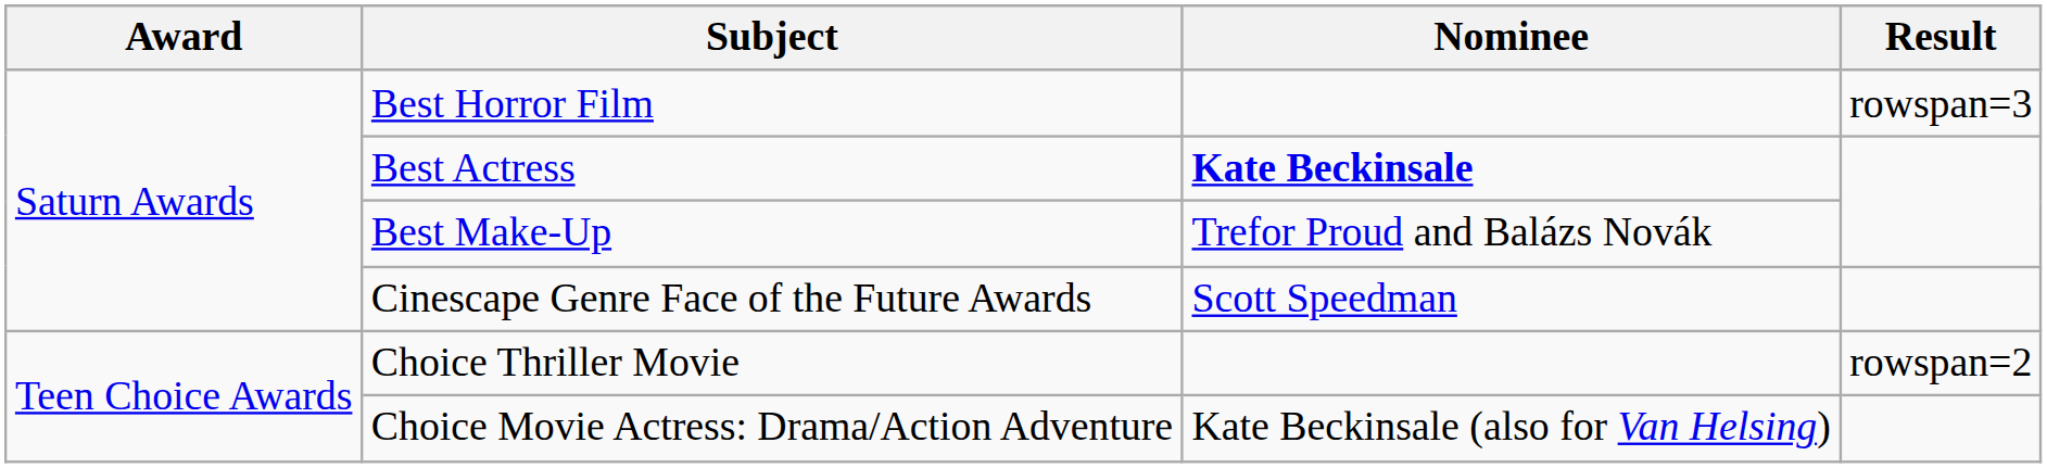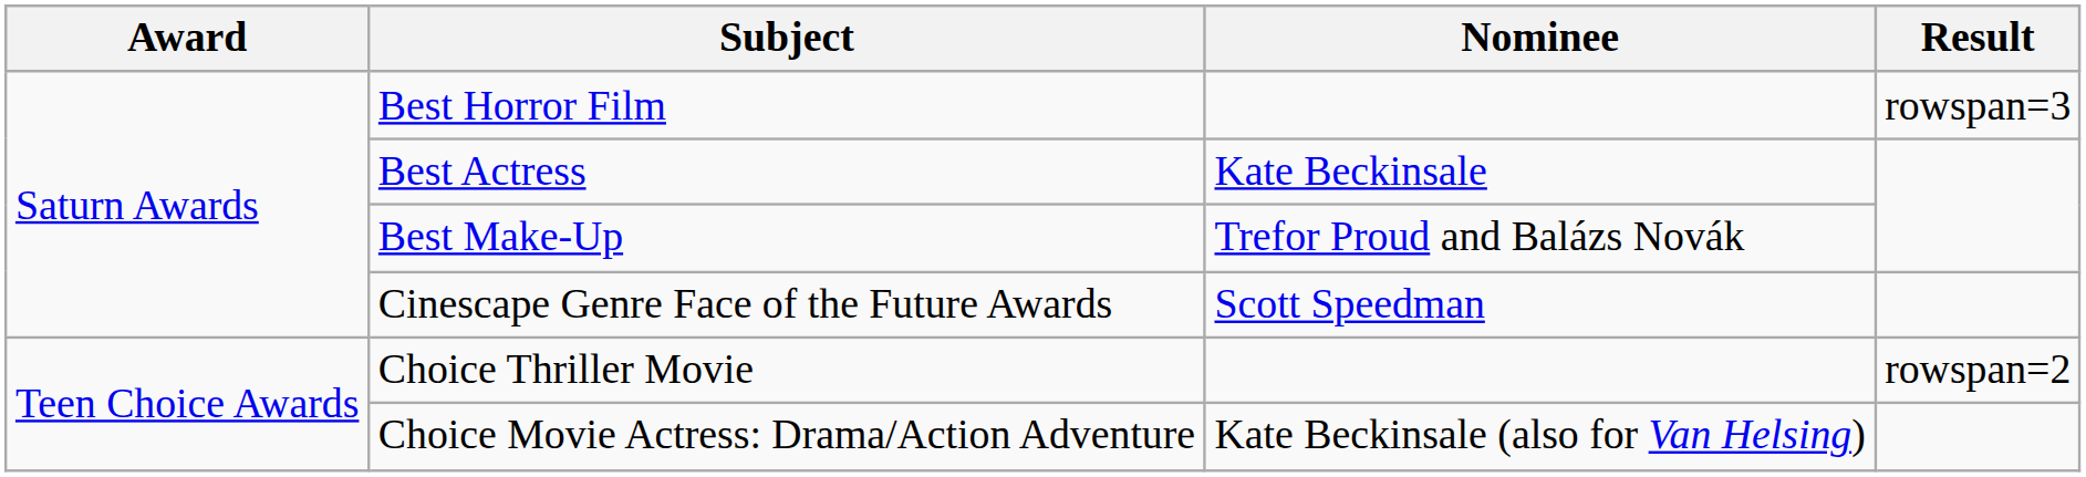 <table class="wikitable">
 <tr style="background:#b0c4de; text-align:center;">
 <th>Award</th>
 <th>Subject</th>
 <th>Nominee</th>
 <th>Result</th>
 </tr>
 <tr>
 <td rowspan=4><a href='#'>Saturn Awards</a></td>
 <td><a href='#'>Best Horror Film</a></td>
 <td></td>
 <td>rowspan=3  </td>
 </tr>
 <tr>
 <td><a href='#'>Best Actress</a></td>
-<td><strong><a href='#'>Kate Beckinsale</a></strong></td>
+<td><a href='#'>Kate Beckinsale</a></td>
 </tr>
 <tr>
 <td><a href='#'>Best Make-Up</a></td>
 <td><a href='#'>Trefor Proud</a> and Balázs Novák</td>
 </tr>
 <tr>
 <td>Cinescape Genre Face of the Future Awards</td>
 <td><a href='#'>Scott Speedman</a></td>
 <td></td>
 </tr>
 <tr>
 <td rowspan=2><a href='#'>Teen Choice Awards</a></td>
 <td>Choice Thriller Movie</td>
 <td></td>
 <td>rowspan=2  </td>
 </tr>
 <tr>
 <td>Choice Movie Actress: Drama/Action Adventure</td>
 <td>Kate Beckinsale (also for <em><a href='#'>Van Helsing</a></em>)</td>
 </tr>
 </table>
